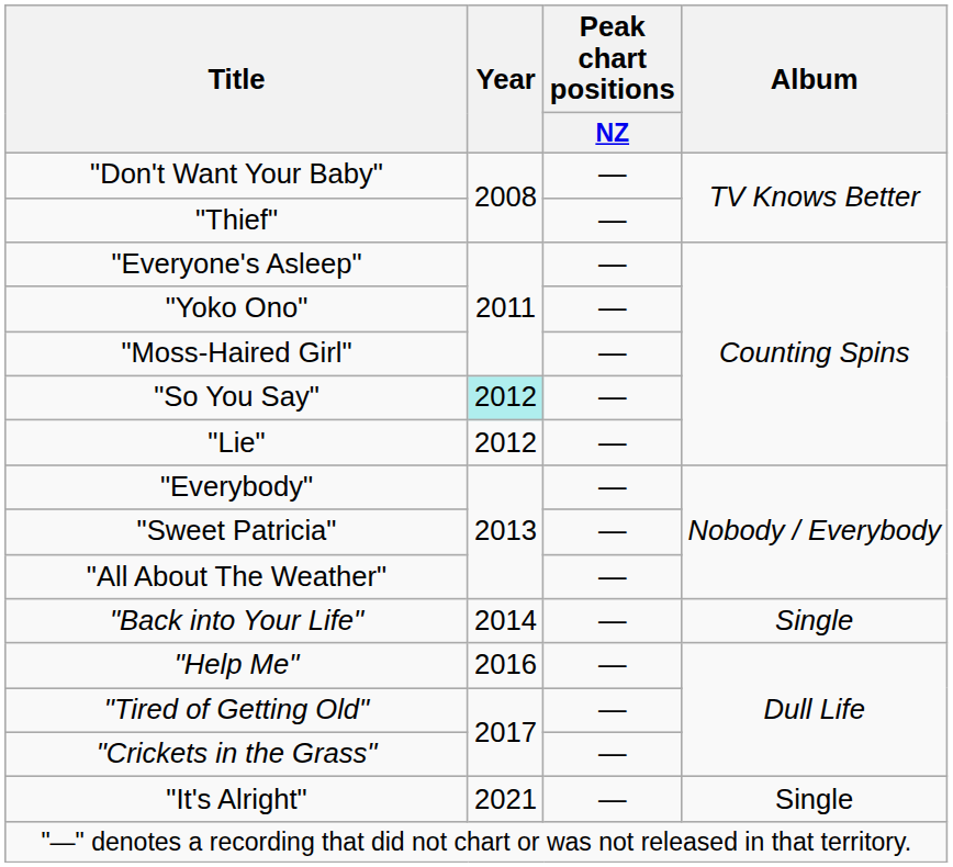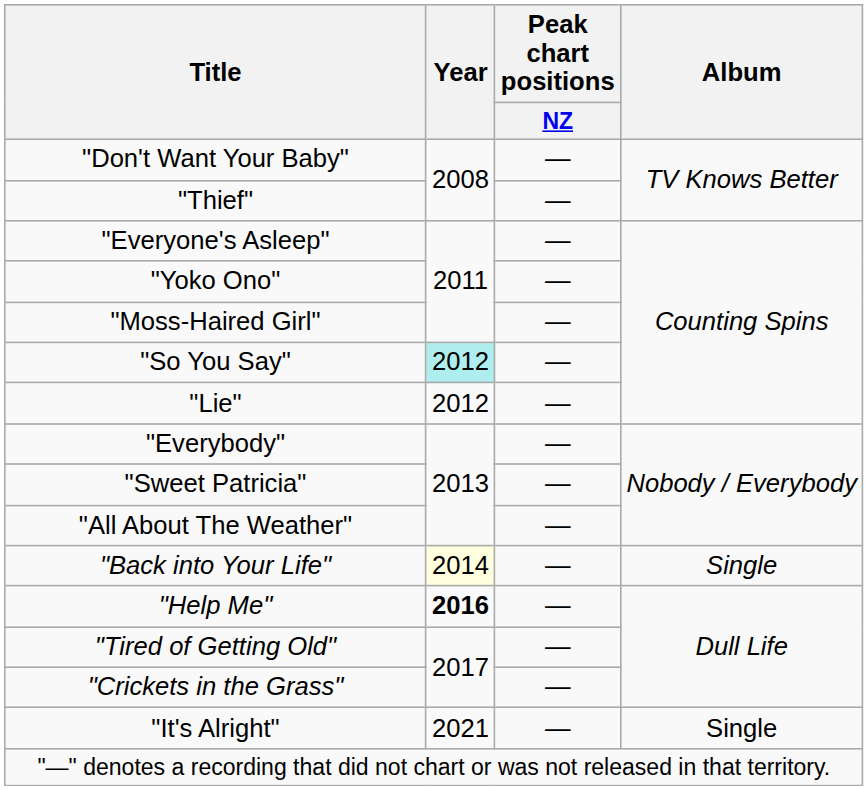 <table class="wikitable plainrowheaders" style="text-align:center;" border="1">
 <tr>
 <th scope="col" rowspan="2" style="width:16em;">Title</th>
 <th scope="col" rowspan="2">Year</th>
 <th scope="col">Peak chart positions</th>
 <th scope="col" rowspan="2">Album</th>
 </tr>
 <tr>
 <th scope="col" style="width:4em;font-size:90%;"><a href='#'>NZ</a><br></th>
 </tr>
 <tr>
 <td scope="row">"Don't Want Your Baby"</td>
 <td rowspan="2">2008</td>
 <td>—</td>
 <td rowspan="2"><em>TV Knows Better</em></td>
 </tr>
 <tr>
 <td scope="row">"Thief"</td>
 <td>—</td>
 </tr>
 <tr>
 <td scope="row">"Everyone's Asleep"</td>
 <td rowspan="3">2011</td>
 <td>—</td>
 <td rowspan="5"><em>Counting Spins</em></td>
 </tr>
 <tr>
 <td scope="row">"Yoko Ono"</td>
 <td>—</td>
 </tr>
 <tr>
 <td scope="row">"Moss-Haired Girl"</td>
 <td>—</td>
 </tr>
 <tr>
 <td scope="row">"So You Say"</td>
 <td style="background: paleturquoise;">2012</td>
 <td>—</td>
 </tr>
 <tr>
 <td scope="row">"Lie"</td>
 <td>2012</td>
 <td>—</td>
 </tr>
 <tr>
 <td scope="row">"Everybody"</td>
 <td rowspan="3">2013</td>
 <td>—</td>
 <td rowspan="3"><em>Nobody / Everybody</em></td>
 </tr>
 <tr>
 <td scope="row">"Sweet Patricia"</td>
 <td>—</td>
 </tr>
 <tr>
 <td scope="row">"All About The Weather"</td>
 <td>—</td>
 </tr>
 <tr>
 <td><em>"Back into Your Life"</em></td>
-<td>2014</td>
+<td style="background: lightyellow;">2014</td>
 <td>—</td>
 <td><em>Single</em></td>
 </tr>
 <tr>
 <td><em>"Help Me"</em></td>
-<td>2016</td>
+<td><strong>2016</strong></td>
 <td>—</td>
 <td rowspan="3"><em>Dull Life</em></td>
 </tr>
 <tr>
 <td><em>"Tired of Getting Old"</em></td>
 <td rowspan="2">2017</td>
 <td>—</td>
 </tr>
 <tr>
 <td><em>"Crickets in the Grass"</em></td>
 <td>—</td>
 </tr>
 <tr>
 <td>"It's Alright"</td>
 <td>2021</td>
 <td>—</td>
 <td>Single</td>
 </tr>
 <tr>
 <td colspan="6" style="font-size:90%">"—" denotes a recording that did not chart or was not released in that territory.</td>
 </tr>
 </table>
